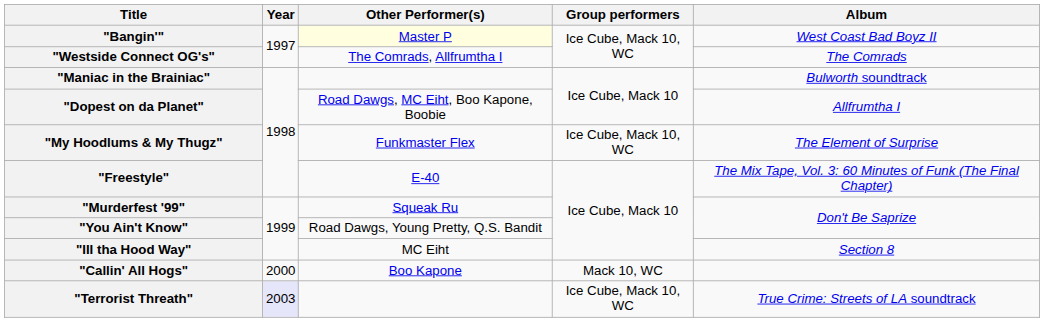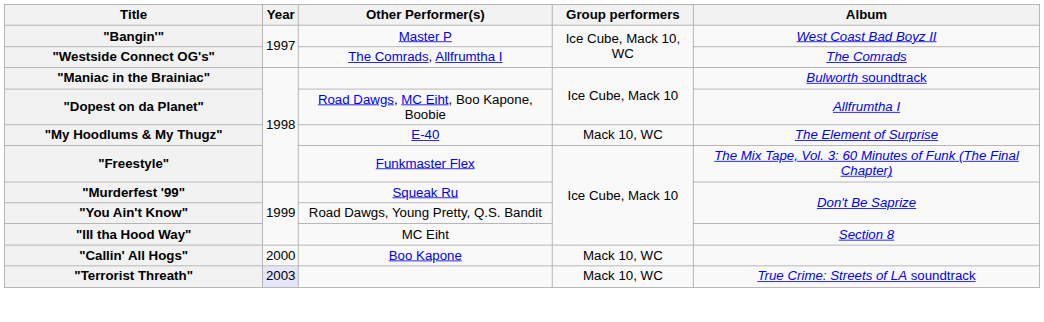 <table class="wikitable plainrowheaders" style="text-align:center;">
 <tr>
 <th scope="col" style="width:19em;">Title</th>
 <th scope="col">Year</th>
 <th scope="col">Other Performer(s)</th>
 <th scope="col">Group performers</th>
 <th scope="col">Album</th>
 </tr>
 <tr>
 <th scope="row">"Bangin'"</th>
 <td rowspan="2">1997</td>
-<td style="background: lightyellow;"><a href='#'>Master P</a></td>
+<td><a href='#'>Master P</a></td>
 <td rowspan="2">Ice Cube, Mack 10, WC</td>
 <td><em><a href='#'>West Coast Bad Boyz II</a></em></td>
 </tr>
 <tr>
 <th scope="row">"Westside Connect OG's"</th>
 <td><a href='#'>The Comrads</a>, <a href='#'>Allfrumtha I</a></td>
 <td><em><a href='#'>The Comrads</a></em></td>
 </tr>
 <tr>
 <th scope="row">"Maniac in the Brainiac"</th>
 <td rowspan="4”">1998</td>
 <td></td>
 <td rowspan="2">Ice Cube, Mack 10</td>
 <td><a href='#'><em>Bulworth</em> soundtrack</a></td>
 </tr>
 <tr>
 <th scope="row">"Dopest on da Planet"</th>
 <td><a href='#'>Road Dawgs</a>, <a href='#'>MC Eiht</a>, Boo Kapone, Boobie</td>
 <td><em><a href='#'>Allfrumtha I</a></em></td>
 </tr>
 <tr>
 <th scope="row">"My Hoodlums & My Thugz"</th>
-<td><a href='#'>Funkmaster Flex</a></td>
-<td>Ice Cube, Mack 10, WC</td>
+<td><a href='#'>E-40</a></td>
+<td>Mack 10, WC</td>
 <td><em><a href='#'>The Element of Surprise</a></em></td>
 </tr>
 <tr>
 <th scope="row">"Freestyle"</th>
-<td><a href='#'>E-40</a></td>
+<td><a href='#'>Funkmaster Flex</a></td>
 <td rowspan="4">Ice Cube, Mack 10</td>
 <td><em><a href='#'>The Mix Tape, Vol. 3: 60 Minutes of Funk (The Final Chapter)</a></em></td>
 </tr>
 <tr>
 <th scope="row">"Murderfest '99"</th>
 <td rowspan="3">1999</td>
 <td><a href='#'>Squeak Ru</a></td>
 <td rowspan="2"><em><a href='#'>Don't Be Saprize</a></em></td>
 </tr>
 <tr>
 <th scope="row">"You Ain't Know"</th>
 <td>Road Dawgs, Young Pretty, Q.S. Bandit</td>
 </tr>
 <tr>
 <th scope="row">"III tha Hood Way"</th>
 <td>MC Eiht</td>
 <td><em><a href='#'>Section 8</a></em></td>
 </tr>
 <tr>
 <th scope="row">"Callin' All Hogs"</th>
 <td>2000</td>
 <td><a href='#'>Boo Kapone</a></td>
 <td>Mack 10, WC</td>
 <td></td>
 </tr>
 <tr>
 <th scope="row">"Terrorist Threath"</th>
 <td rowspan="1" style="background: lavender;">2003</td>
 <td></td>
-<td>Ice Cube, Mack 10, WC</td>
+<td>Mack 10, WC</td>
 <td><a href='#'><em>True Crime: Streets of LA</em> soundtrack</a></td>
 </tr>
 </table>
